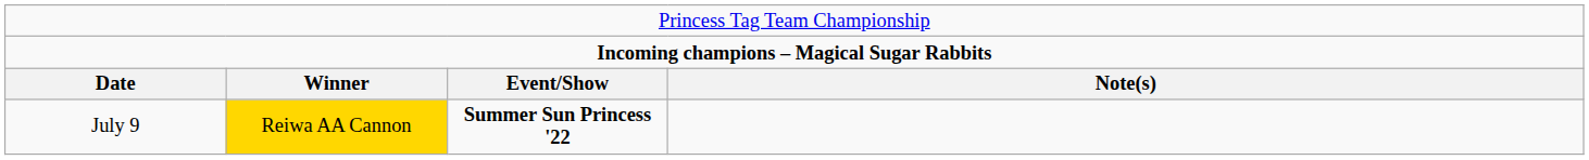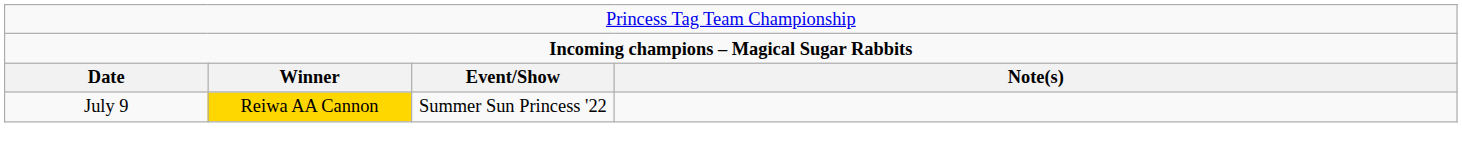 <table class="wikitable" style="text-align:center; width:100%;">
 <tr>
 <td colspan="4" style="text-align: center;"><a href='#'>Princess Tag Team Championship</a></td>
 </tr>
 <tr>
 <td colspan="4" style="text-align: center;"><strong>Incoming champions – Magical Sugar Rabbits </strong></td>
 </tr>
 <tr>
 <th width=14%>Date</th>
 <th width=14%>Winner</th>
 <th width=14%>Event/Show</th>
 <th width=58%>Note(s)</th>
 </tr>
 <tr>
 <td>July 9</td>
 <td style="background: gold;">Reiwa AA Cannon<br></td>
-<td><strong>Summer Sun Princess '22</strong></td>
+<td>Summer Sun Princess '22</td>
 <td></td>
 </tr>
 </table>
